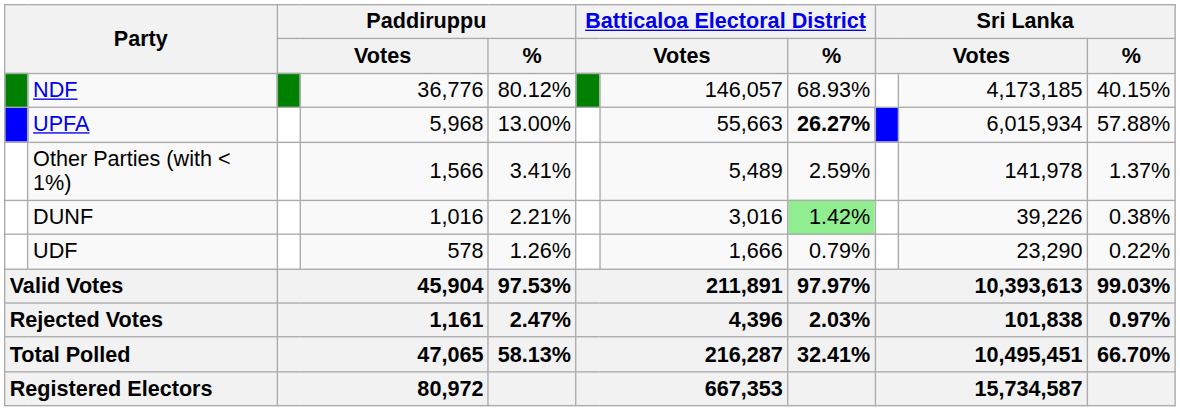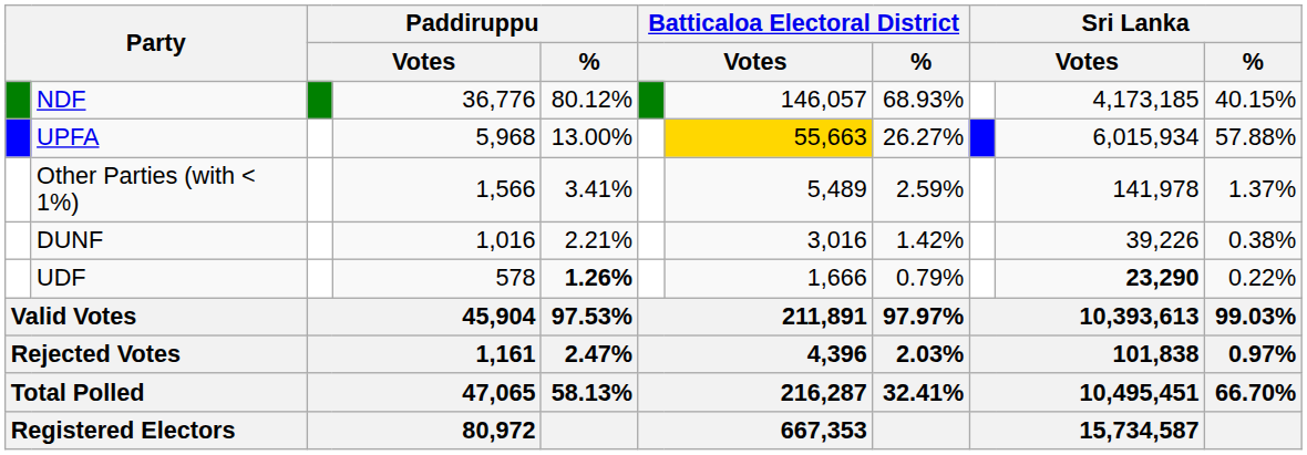 <table class="wikitable">
 <tr>
 <th colspan="2" width="144px"rowspan="2">Party</th>
 <th colspan="3" width="216px">Paddiruppu</th>
 <th colspan="3" width="216px"><a href='#'>Batticaloa Electoral District</a></th>
 <th colspan="3" width="216px">Sri Lanka</th>
 </tr>
 <tr>
 <th colspan="2" width="144px">Votes</th>
 <th>%</th>
 <th colspan="2" width="144px">Votes</th>
 <th>%</th>
 <th colspan="2" width="144px">Votes</th>
 <th>%</th>
 </tr>
 <tr>
 <td style="background-color:green;" width="10px"></td>
 <td style="text-align:left;"><a href='#'>NDF</a></td>
 <td style="background-color:green;" width="10px"></td>
 <td style="text-align:right;">36,776</td>
 <td style="text-align:right;">80.12%</td>
 <td style="background-color:green;" width="10px"></td>
 <td style="text-align:right;">146,057</td>
 <td style="text-align:right;">68.93%</td>
 <td style="background-color:white;" width="10px"></td>
 <td style="text-align:right;">4,173,185</td>
 <td style="text-align:right;">40.15%</td>
 </tr>
 <tr>
 <td style="background-color:blue;" width="10px"></td>
 <td style="text-align:left;"><a href='#'>UPFA</a></td>
 <td style="background-color:white;" width="10px"></td>
 <td style="text-align:right;">5,968</td>
 <td style="text-align:right;">13.00%</td>
 <td style="background-color:white;" width="10px"></td>
-<td style="text-align:right;">55,663</td>
-<td style="text-align:right;"><strong>26.27%</strong></td>
+<td style="background: gold; text-align:right;">55,663</td>
+<td style="text-align:right;">26.27%</td>
 <td style="background-color:blue;" width="10px"></td>
 <td style="text-align:right;">6,015,934</td>
 <td style="text-align:right;">57.88%</td>
 </tr>
 <tr>
 <td style="background-color:white;" width="10px"></td>
 <td style="text-align:left;">Other Parties (with < 1%)</td>
 <td style="background-color:white;" width="10px"></td>
 <td style="text-align:right;">1,566</td>
 <td style="text-align:right;">3.41%</td>
 <td style="background-color:white;" width="10px"></td>
 <td style="text-align:right;">5,489</td>
 <td style="text-align:right;">2.59%</td>
 <td style="background-color:white;" width="10px"></td>
 <td style="text-align:right;">141,978</td>
 <td style="text-align:right;">1.37%</td>
 </tr>
 <tr>
 <td style="background-color:white;" width="10px"></td>
 <td style="text-align:left;">DUNF</td>
 <td style="background-color:white;" width="10px"></td>
 <td style="text-align:right;">1,016</td>
 <td style="text-align:right;">2.21%</td>
 <td style="background-color:white;" width="10px"></td>
 <td style="text-align:right;">3,016</td>
-<td style="background: lightgreen; text-align:right;">1.42%</td>
+<td style="text-align:right;">1.42%</td>
 <td style="background-color:white;" width="10px"></td>
 <td style="text-align:right;">39,226</td>
 <td style="text-align:right;">0.38%</td>
 </tr>
 <tr>
 <td style="background-color:white;" width="10px"></td>
 <td style="text-align:left;">UDF</td>
 <td style="background-color:white;" width="10px"></td>
 <td style="text-align:right;">578</td>
-<td style="text-align:right;">1.26%</td>
+<td style="text-align:right;"><strong>1.26%</strong></td>
 <td style="background-color:white;" width="10px"></td>
 <td style="text-align:right;">1,666</td>
 <td style="text-align:right;">0.79%</td>
 <td style="background-color:white;" width="10px"></td>
-<td style="text-align:right;">23,290</td>
+<td style="text-align:right;"><strong>23,290</strong></td>
 <td style="text-align:right;">0.22%</td>
 </tr>
 <tr>
 <th colspan="2" width="144px"style="text-align:left;">Valid Votes</th>
 <th style="text-align:right;"colspan="2" width="144px">45,904</th>
 <th style="text-align:right;">97.53%</th>
 <th style="text-align:right;"colspan="2" width="144px">211,891</th>
 <th style="text-align:right;">97.97%</th>
 <th style="text-align:right;"colspan="2" width="144px">10,393,613</th>
 <th style="text-align:right;">99.03%</th>
 </tr>
 <tr>
 <th colspan="2" width="144px"style="text-align:left;">Rejected Votes</th>
 <th style="text-align:right;"colspan="2" width="144px">1,161</th>
 <th style="text-align:right;">2.47%</th>
 <th style="text-align:right;"colspan="2" width="144px">4,396</th>
 <th style="text-align:right;">2.03%</th>
 <th style="text-align:right;"colspan="2" width="144px">101,838</th>
 <th style="text-align:right;">0.97%</th>
 </tr>
 <tr>
 <th colspan="2" width="144px"style="text-align:left;">Total Polled</th>
 <th style="text-align:right;"colspan="2" width="144px">47,065</th>
 <th style="text-align:right;">58.13%</th>
 <th style="text-align:right;"colspan="2" width="144px">216,287</th>
 <th style="text-align:right;">32.41%</th>
 <th style="text-align:right;"colspan="2" width="144px">10,495,451</th>
 <th style="text-align:right;">66.70%</th>
 </tr>
 <tr>
 <th colspan="2" width="144px"style="text-align:left;">Registered Electors</th>
 <th style="text-align:right;"colspan="2" width="144px">80,972</th>
 <th></th>
 <th style="text-align:right;"colspan="2" width="144px">667,353</th>
 <th></th>
 <th style="text-align:right;"colspan="2" width="144px">15,734,587</th>
 <th></th>
 </tr>
 </table>
